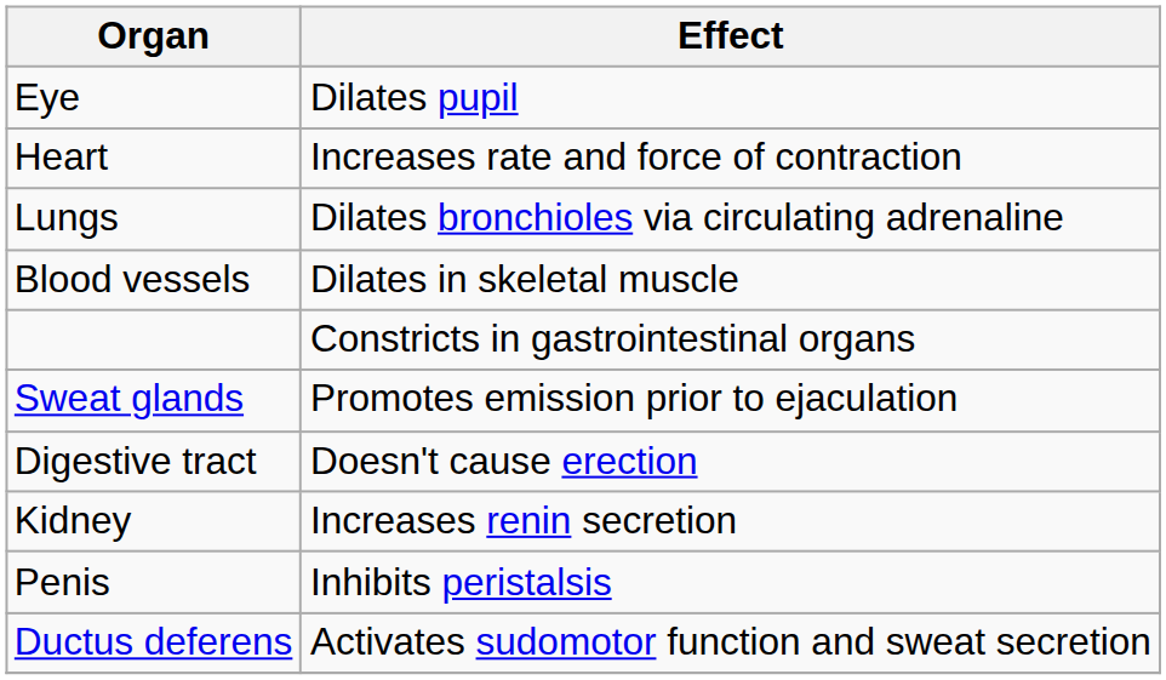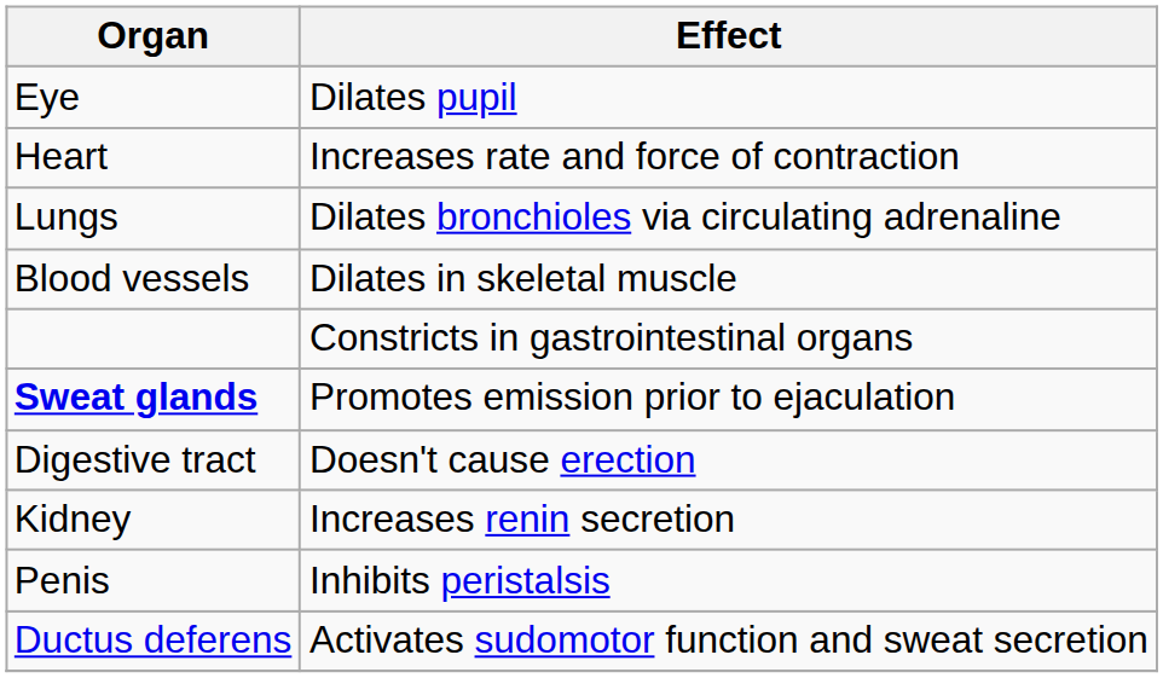 <table class="wikitable" align="right" border="1">
 <tr>
 <th>Organ</th>
 <th>Effect</th>
 </tr>
 <tr>
 <td>Eye</td>
 <td>Dilates <a href='#'>pupil</a></td>
 </tr>
 <tr>
 <td>Heart</td>
 <td>Increases rate and force of contraction</td>
 </tr>
 <tr>
 <td>Lungs</td>
 <td>Dilates <a href='#'>bronchioles</a> via circulating adrenaline</td>
 </tr>
 <tr>
 <td>Blood vessels</td>
 <td>Dilates in skeletal muscle</td>
 </tr>
 <tr>
 <td></td>
 <td>Constricts in gastrointestinal organs</td>
 </tr>
 <tr>
-<td><a href='#'>Sweat glands</a></td>
+<td><strong><a href='#'>Sweat glands</a></strong></td>
 <td>Promotes emission prior to ejaculation</td>
 </tr>
 <tr>
 <td>Digestive tract</td>
 <td>Doesn't cause <a href='#'>erection</a></td>
 </tr>
 <tr>
 <td>Kidney</td>
 <td>Increases <a href='#'>renin</a> secretion</td>
 </tr>
 <tr>
 <td>Penis</td>
 <td>Inhibits <a href='#'>peristalsis</a></td>
 </tr>
 <tr>
 <td><a href='#'>Ductus deferens</a></td>
 <td>Activates <a href='#'>sudomotor</a> function and sweat secretion</td>
 </tr>
 <tr>
 </tr>
 </table>
